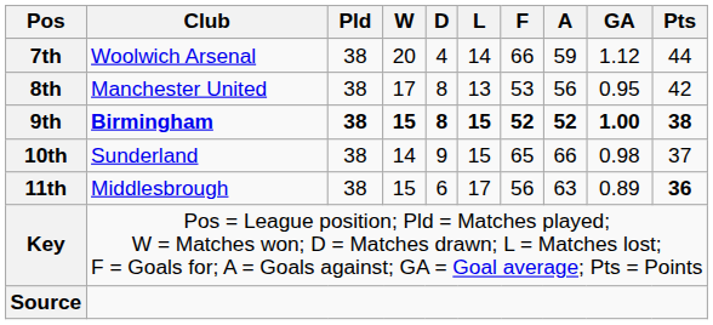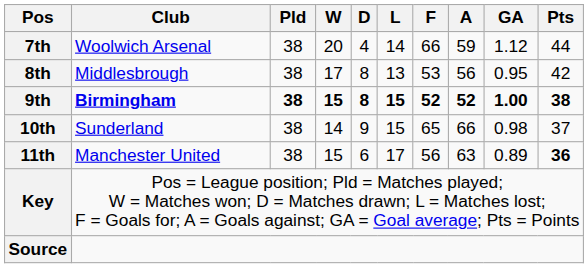 <table class="wikitable" style="text-align:center">
 <tr>
 <th scope="col">Pos</th>
 <th scope="col">Club</th>
 <th scope="col">Pld</th>
 <th scope="col">W</th>
 <th scope="col">D</th>
 <th scope="col">L</th>
 <th scope="col">F</th>
 <th scope="col">A</th>
 <th scope="col">GA</th>
 <th scope="col">Pts</th>
 </tr>
 <tr>
 <th scope="row">7th</th>
 <td align="left"><a href='#'>Woolwich Arsenal</a></td>
 <td>38</td>
 <td>20</td>
 <td>4</td>
 <td>14</td>
 <td>66</td>
 <td>59</td>
 <td>1.12</td>
 <td>44</td>
 </tr>
 <tr>
 <th scope="row">8th</th>
-<td align="left"><a href='#'>Manchester United</a></td>
+<td align="left"><a href='#'>Middlesbrough</a></td>
 <td>38</td>
 <td>17</td>
 <td>8</td>
 <td>13</td>
 <td>53</td>
 <td>56</td>
 <td>0.95</td>
 <td>42</td>
 </tr>
 <tr style="font-Weight:bold">
 <th scope="row">9th</th>
 <td align="left"><a href='#'>Birmingham</a></td>
 <td>38</td>
 <td>15</td>
 <td>8</td>
 <td>15</td>
 <td>52</td>
 <td>52</td>
 <td>1.00</td>
 <td>38</td>
 </tr>
 <tr>
 <th scope="row">10th</th>
 <td align="left"><a href='#'>Sunderland</a></td>
 <td>38</td>
 <td>14</td>
 <td>9</td>
 <td>15</td>
 <td>65</td>
 <td>66</td>
 <td>0.98</td>
 <td>37</td>
 </tr>
 <tr>
 <th scope="row">11th</th>
-<td align="left"><a href='#'>Middlesbrough</a></td>
+<td align="left"><a href='#'>Manchester United</a></td>
 <td>38</td>
 <td>15</td>
 <td>6</td>
 <td>17</td>
 <td>56</td>
 <td>63</td>
 <td>0.89</td>
 <td><strong>36</strong></td>
 </tr>
 <tr>
 <th scope="row">Key</th>
 <td colspan="9">Pos = League position; Pld = Matches played;<br>W = Matches won; D = Matches drawn; L = Matches lost;<br>F = Goals for; A = Goals against; GA = <a href='#'>Goal average</a>; Pts = Points</td>
 </tr>
 <tr>
 <th scope="row">Source</th>
 <td colspan="9"></td>
 </tr>
 </table>
